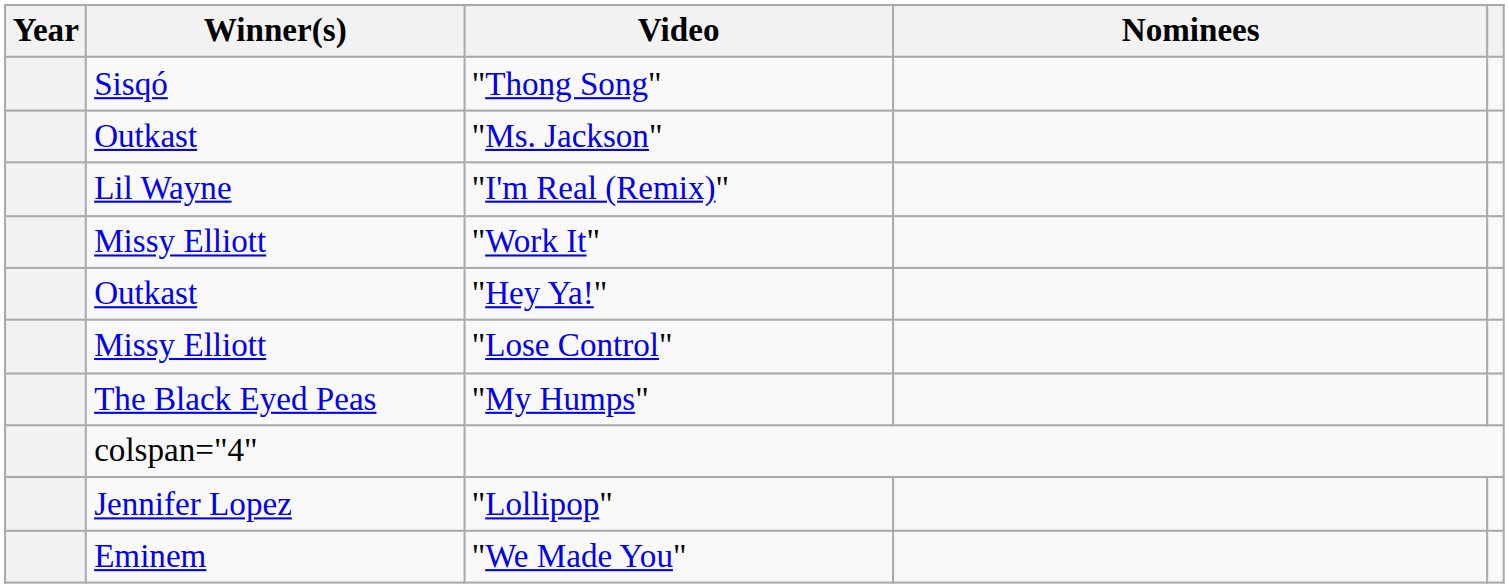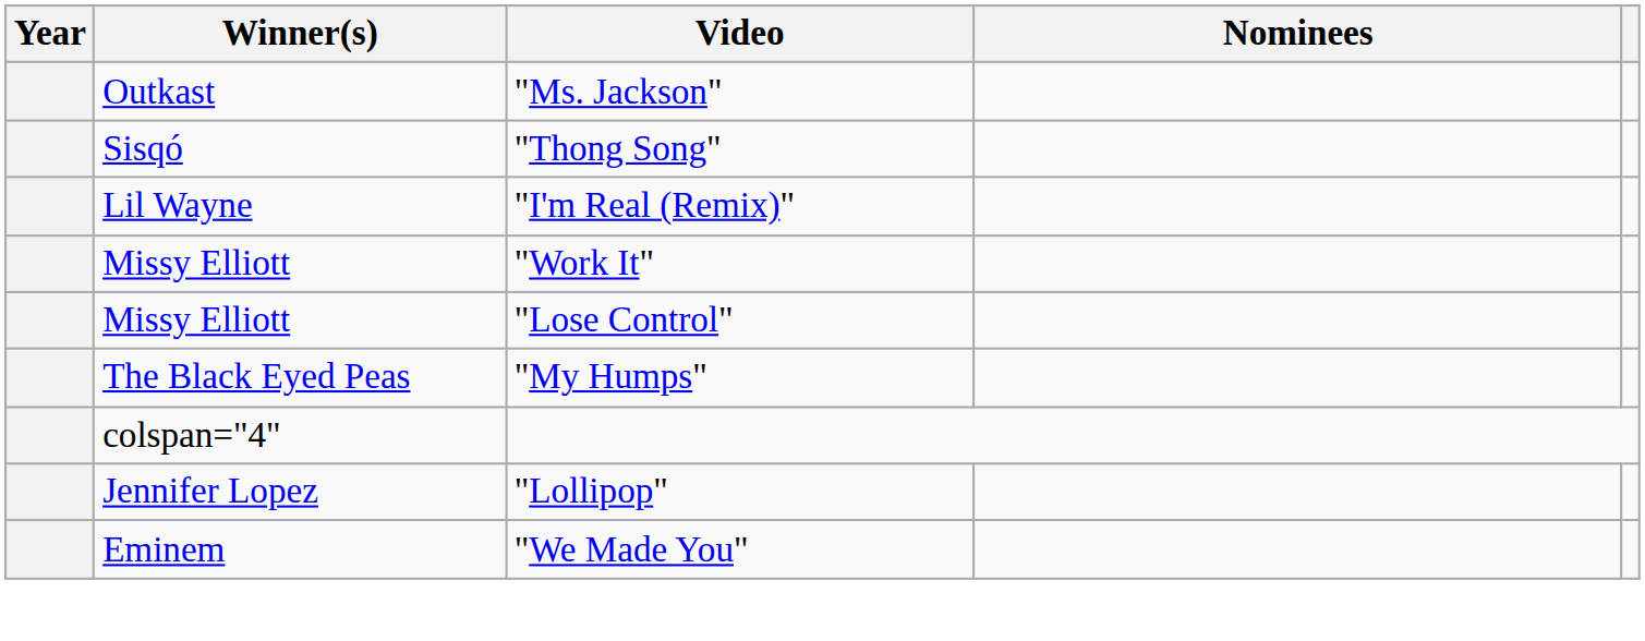 <table class="wikitable sortable">
 <tr>
 <th scope="col">Year</th>
 <th scope="col" style="width:175px;">Winner(s)</th>
 <th scope="col" style="width:200px;">Video</th>
 <th scope="col" style="width:280px;">Nominees</th>
 <th scope="col" class="unsortable"></th>
 </tr>
 <tr>
 <th scope="row"></th>
-<td><a href='#'>Sisqó</a></td>
-<td>"<a href='#'>Thong Song</a>"</td>
+<td><a href='#'>Outkast</a></td>
+<td>"<a href='#'>Ms. Jackson</a>"</td>
 <td></td>
 <td align="center"></td>
 </tr>
 <tr>
 <th scope="row"></th>
-<td><a href='#'>Outkast</a></td>
-<td>"<a href='#'>Ms. Jackson</a>"</td>
+<td><a href='#'>Sisqó</a></td>
+<td>"<a href='#'>Thong Song</a>"</td>
 <td></td>
 <td align="center"></td>
 </tr>
 <tr>
 <th scope="row"></th>
 <td><a href='#'>Lil Wayne</a> </td>
 <td>"<a href='#'>I'm Real (Remix)</a>"</td>
 <td></td>
 <td align="center"></td>
 </tr>
 <tr>
 <th scope="row"></th>
 <td><a href='#'>Missy Elliott</a></td>
 <td>"<a href='#'>Work It</a>"</td>
-<td></td>
-<td align="center"></td>
-</tr>
-<tr>
-<th scope="row"></th>
-<td><a href='#'>Outkast</a></td>
-<td>"<a href='#'>Hey Ya!</a>"</td>
 <td></td>
 <td align="center"></td>
 </tr>
 <tr>
 <th scope="row"></th>
 <td><a href='#'>Missy Elliott</a> </td>
 <td>"<a href='#'>Lose Control</a>"</td>
 <td></td>
 <td align="center"></td>
 </tr>
 <tr>
 <th scope="row"></th>
 <td><a href='#'>The Black Eyed Peas</a></td>
 <td>"<a href='#'>My Humps</a>"</td>
 <td></td>
 <td align="center"></td>
 </tr>
 <tr>
 <th scope="row"></th>
 <td>colspan="4" </td>
 </tr>
 <tr>
 <th scope="row"></th>
 <td><a href='#'>Jennifer Lopez</a> </td>
 <td>"<a href='#'>Lollipop</a>"</td>
 <td></td>
 <td align="center"></td>
 </tr>
 <tr>
 <th scope="row"></th>
 <td><a href='#'>Eminem</a></td>
 <td>"<a href='#'>We Made You</a>"</td>
 <td></td>
 <td align="center"></td>
 </tr>
 </table>
